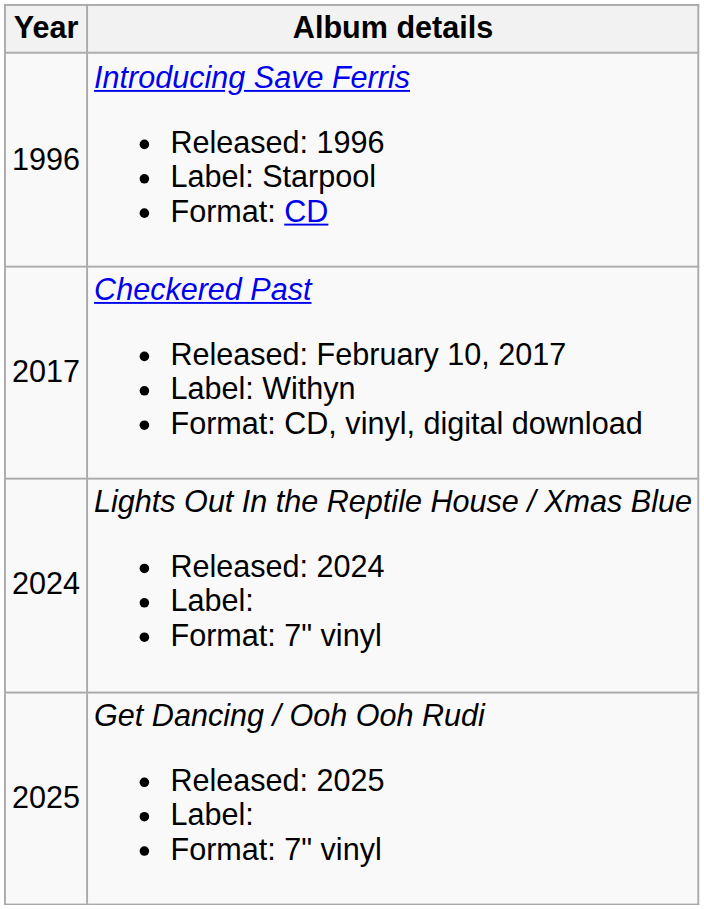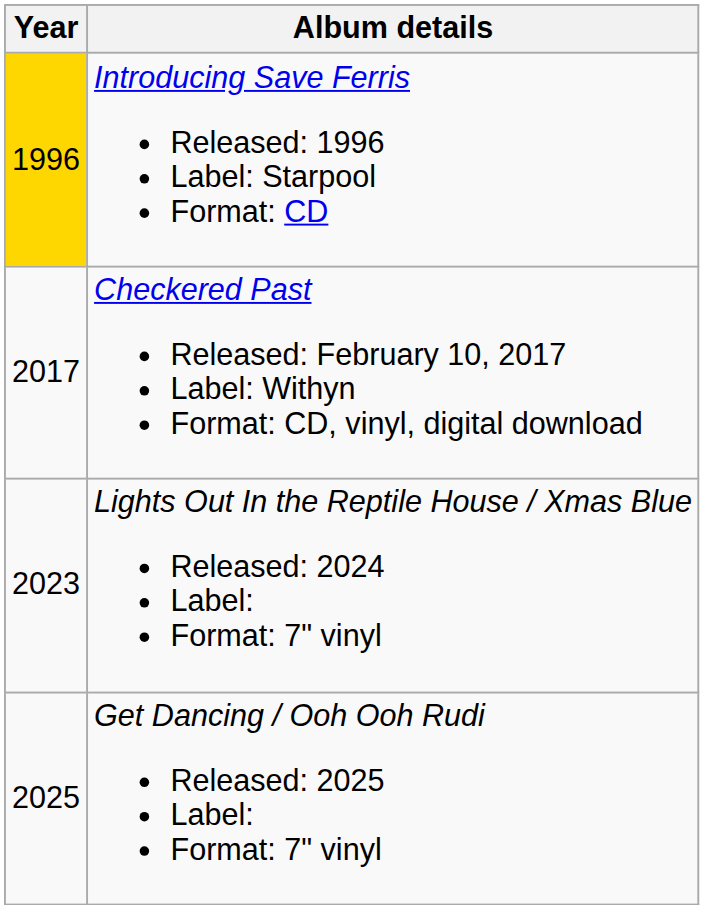 <table class ="wikitable">
 <tr>
 <th>Year</th>
 <th>Album details</th>
 </tr>
 <tr>
-<td>1996</td>
+<td style="background: gold;">1996</td>
 <td><em><a href='#'>Introducing Save Ferris</a></em><br><ul><li>Released: 1996</li><li>Label: Starpool</li><li>Format: <a href='#'>CD</a></li></ul></td>
 </tr>
 <tr>
 <td>2017</td>
 <td><em><a href='#'>Checkered Past</a></em><br><ul><li>Released: February 10, 2017</li><li>Label: Withyn</li><li>Format: CD, vinyl, digital download</li></ul></td>
 </tr>
 <tr>
-<td>2024</td>
+<td>2023</td>
 <td><em>Lights Out In the Reptile House / Xmas Blue</em><br><ul><li>Released: 2024</li><li>Label:</li><li>Format: 7" vinyl</li></ul></td>
 </tr>
 <tr>
 <td>2025</td>
 <td><em>Get Dancing / Ooh Ooh Rudi</em><br><ul><li>Released: 2025</li><li>Label:</li><li>Format: 7" vinyl</li></ul></td>
 </tr>
 </table>
